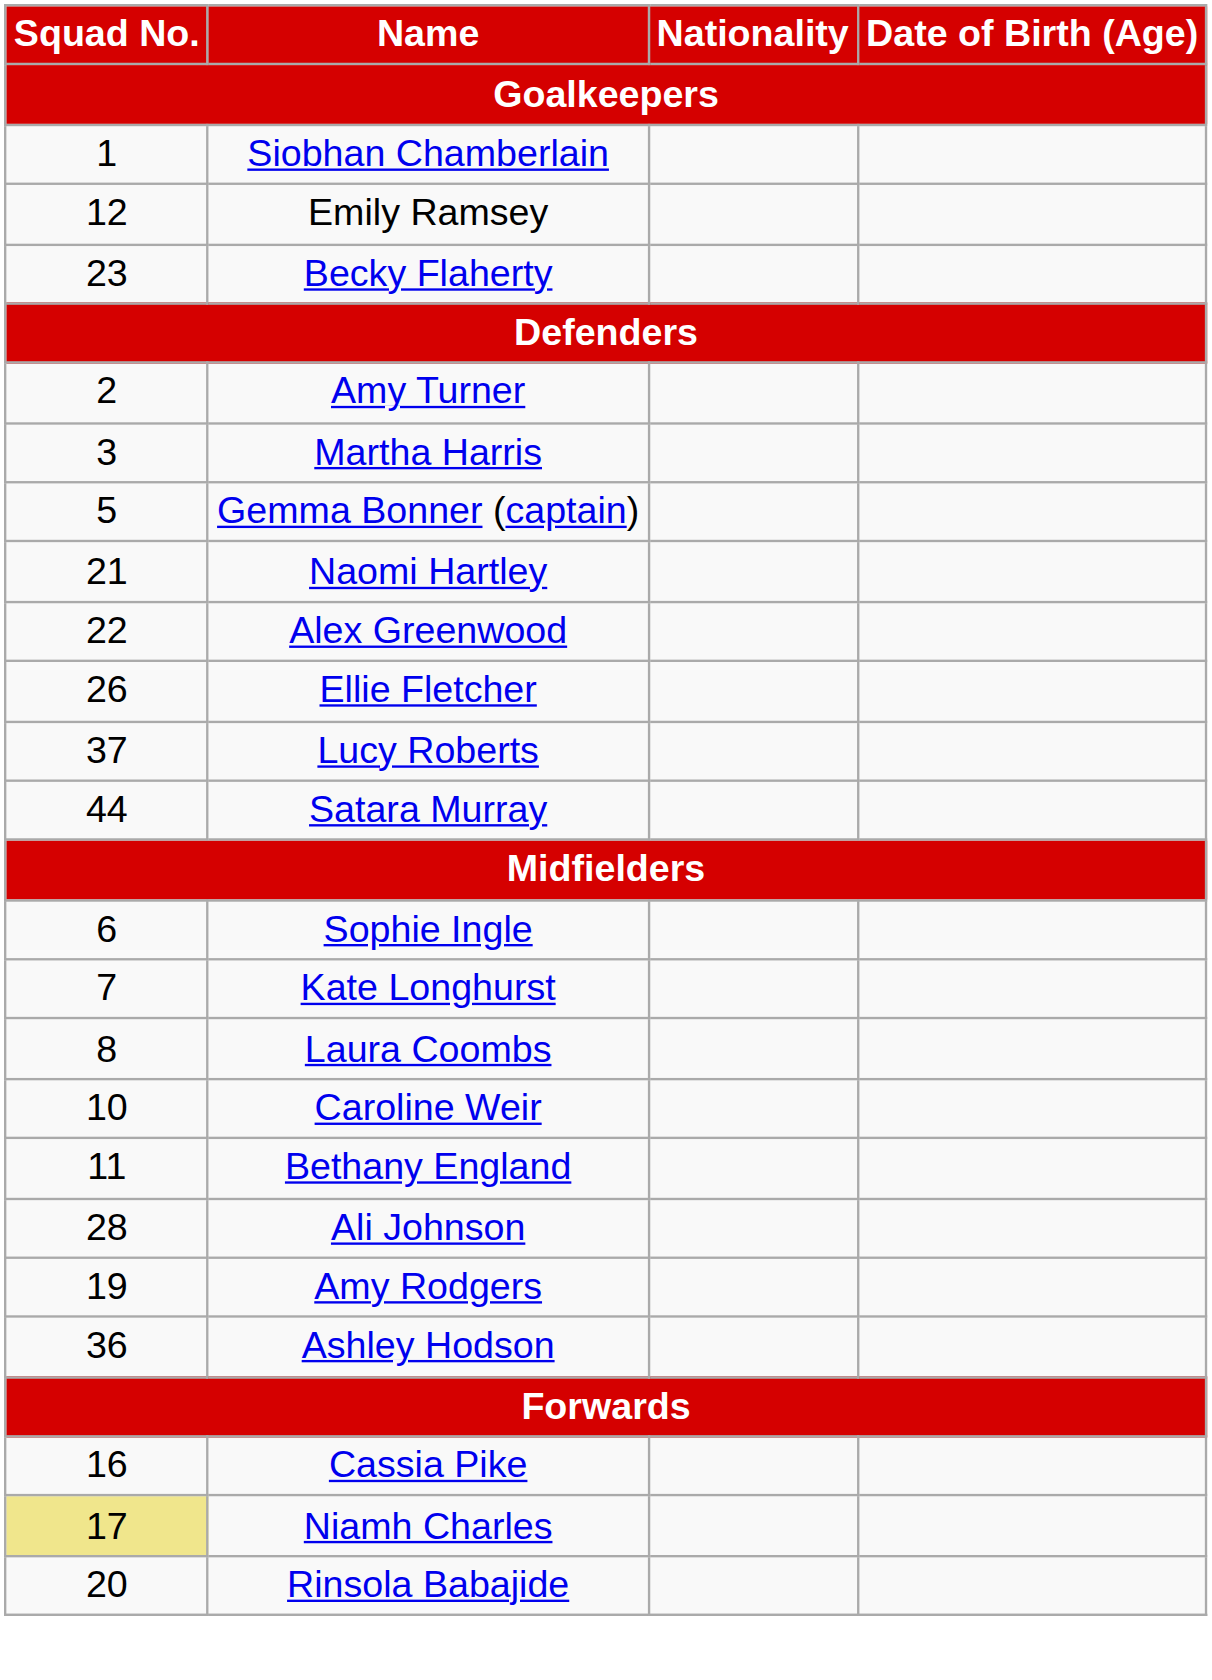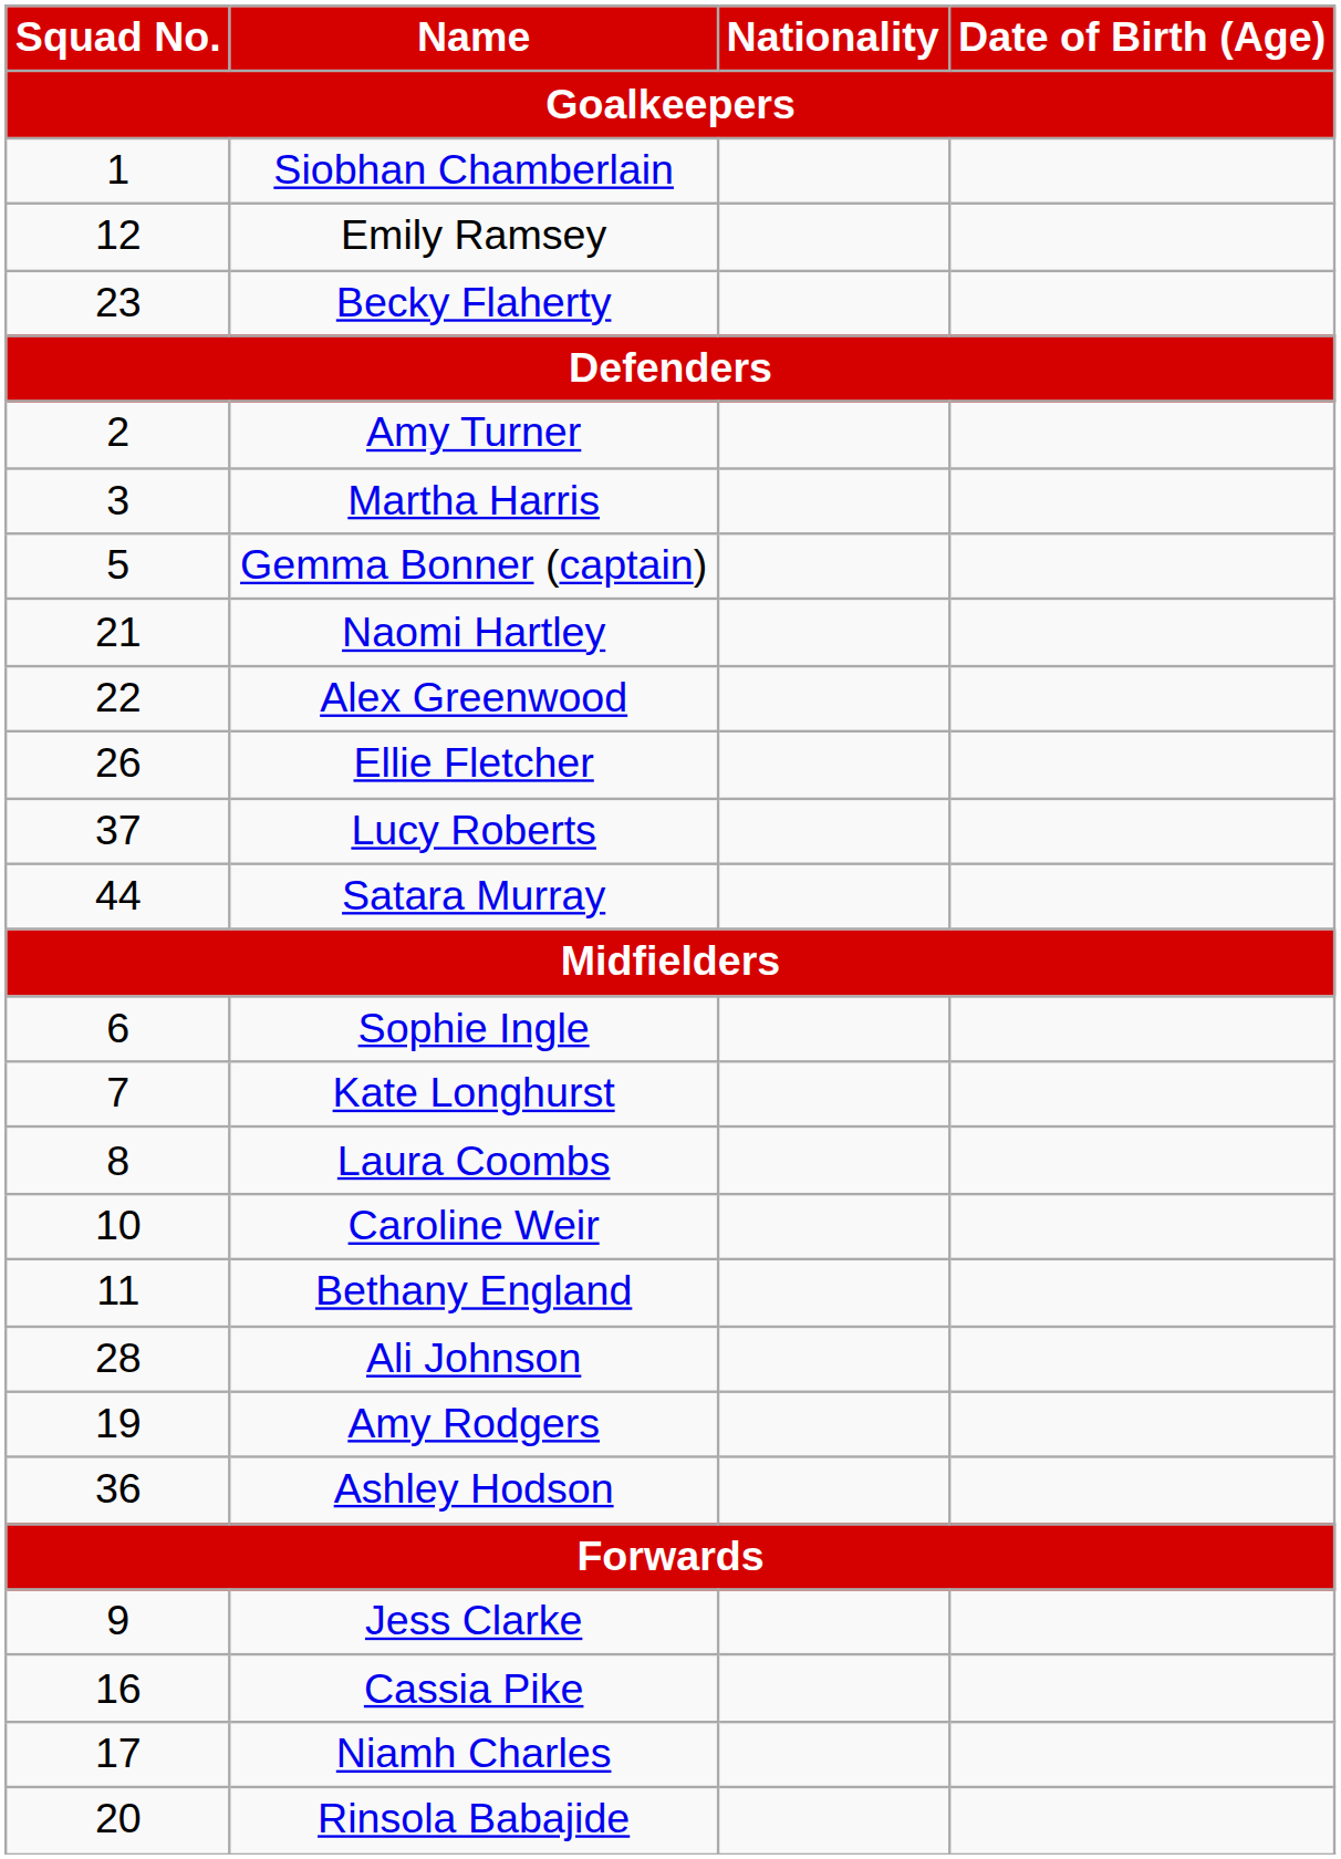 <table class="wikitable" style="text-align:center; font-size:100%; ">
 <tr>
 <th style="background:#d50000; color:white; text-align:center;">Squad No.</th>
 <th style="background:#d50000; color:white; text-align:center;">Name</th>
 <th style="background:#d50000; color:white; text-align:center;">Nationality</th>
 <th style="background:#d50000; color:white; text-align:center;">Date of Birth (Age)</th>
 </tr>
 <tr>
 <th colspan="4" style="background:#d50000; color:white; text-align:center">Goalkeepers</th>
 </tr>
 <tr>
 <td>1</td>
 <td><a href='#'>Siobhan Chamberlain</a></td>
 <td></td>
 <td></td>
 </tr>
 <tr>
 <td>12</td>
 <td>Emily Ramsey</td>
 <td></td>
 <td></td>
 </tr>
 <tr>
 <td>23</td>
 <td><a href='#'>Becky Flaherty</a></td>
 <td></td>
 <td></td>
 </tr>
 <tr>
 <th colspan="4" style="background:#d50000; color:white; text-align:center">Defenders</th>
 </tr>
 <tr>
 <td>2</td>
 <td><a href='#'>Amy Turner</a></td>
 <td></td>
 <td></td>
 </tr>
 <tr>
 <td>3</td>
 <td><a href='#'>Martha Harris</a></td>
 <td></td>
 <td></td>
 </tr>
 <tr>
 <td>5</td>
 <td><a href='#'>Gemma Bonner</a> (<a href='#'>captain</a>)</td>
 <td></td>
 <td></td>
 </tr>
 <tr>
 <td>21</td>
 <td><a href='#'>Naomi Hartley</a></td>
 <td></td>
 <td></td>
 </tr>
 <tr>
 <td>22</td>
 <td><a href='#'>Alex Greenwood</a></td>
 <td></td>
 <td></td>
 </tr>
 <tr>
 <td>26</td>
 <td><a href='#'>Ellie Fletcher</a></td>
 <td></td>
 <td></td>
 </tr>
 <tr>
 <td>37</td>
 <td><a href='#'>Lucy Roberts</a></td>
 <td></td>
 <td></td>
 </tr>
 <tr>
 <td>44</td>
 <td><a href='#'>Satara Murray</a></td>
 <td></td>
 <td></td>
 </tr>
 <tr>
 <th style="background:#d50000; color:white; text-align:center" colspan="4">Midfielders</th>
 </tr>
 <tr>
 <td>6</td>
 <td><a href='#'>Sophie Ingle</a></td>
 <td></td>
 <td></td>
 </tr>
 <tr>
 <td>7</td>
 <td><a href='#'>Kate Longhurst</a></td>
 <td></td>
 <td></td>
 </tr>
 <tr>
 <td>8</td>
 <td><a href='#'>Laura Coombs</a></td>
 <td></td>
 <td></td>
 </tr>
 <tr>
 <td>10</td>
 <td><a href='#'>Caroline Weir</a></td>
 <td></td>
 <td></td>
 </tr>
 <tr>
 <td>11</td>
 <td><a href='#'>Bethany England</a></td>
 <td></td>
 <td></td>
 </tr>
 <tr>
 <td>28</td>
 <td><a href='#'>Ali Johnson</a></td>
 <td></td>
 <td></td>
 </tr>
 <tr>
 <td>19</td>
 <td><a href='#'>Amy Rodgers</a></td>
 <td></td>
 <td></td>
 </tr>
 <tr>
 <td>36</td>
 <td><a href='#'>Ashley Hodson</a></td>
 <td></td>
 <td></td>
 </tr>
 <tr>
 <th style="background:#d50000; color:white; text-align:center" colspan="4">Forwards</th>
 </tr>
 <tr>
+<td>9</td>
+<td><a href='#'>Jess Clarke</a></td>
+<td></td>
+<td></td>
+</tr>
+<tr>
 <td>16</td>
 <td><a href='#'>Cassia Pike</a></td>
 <td></td>
 <td></td>
 </tr>
 <tr>
-<td style="background: khaki;">17</td>
+<td>17</td>
 <td><a href='#'>Niamh Charles</a></td>
 <td></td>
 <td></td>
 </tr>
 <tr>
 <td>20</td>
 <td><a href='#'>Rinsola Babajide</a></td>
 <td></td>
 <td></td>
 </tr>
 <tr>
 </tr>
 </table>
